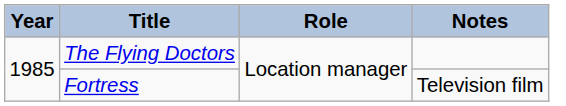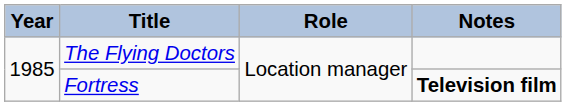 <table class="wikitable" style="font-size: 95%;" cellpadding="4" border="2" background: #f9f9f9;>
 <tr align="center">
 <th style="background:#B0C4DE;">Year</th>
 <th style="background:#B0C4DE;">Title</th>
 <th style="background:#B0C4DE;">Role</th>
 <th style="background:#B0C4DE;">Notes</th>
 </tr>
 <tr>
 <td rowspan=2>1985</td>
 <td><em><a href='#'>The Flying Doctors</a></em></td>
 <td rowspan=2>Location manager</td>
 <td></td>
 </tr>
 <tr>
 <td><em><a href='#'>Fortress</a></em></td>
-<td>Television film</td>
+<td><strong>Television film</strong></td>
 </tr>
 </table>
